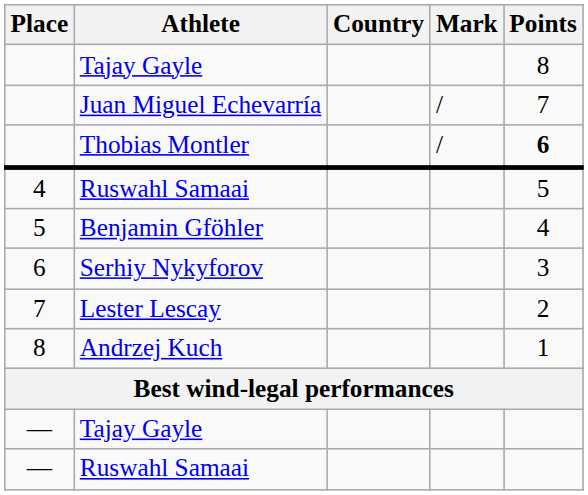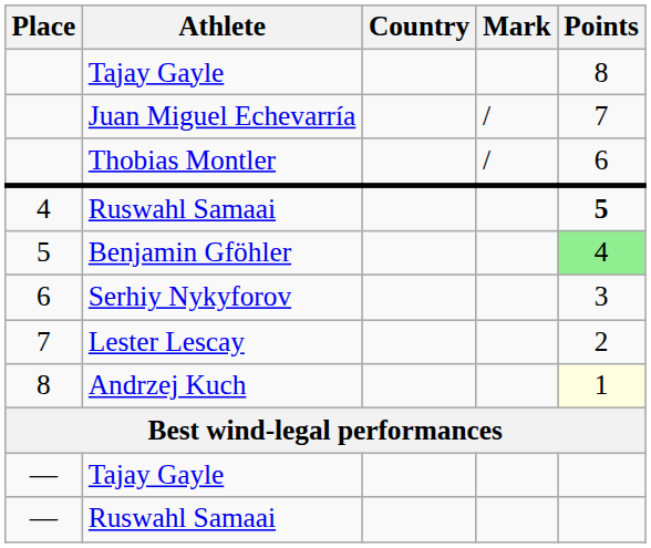 <table class="wikitable">
 <tr>
 <th>Place</th>
 <th>Athlete</th>
 <th>Country</th>
 <th>Mark</th>
 <th>Points</th>
 </tr>
 <tr>
 <td align=center></td>
 <td><a href='#'>Tajay Gayle</a></td>
 <td></td>
 <td> </td>
 <td align=center>8</td>
 </tr>
 <tr>
 <td align=center></td>
 <td><a href='#'>Juan Miguel Echevarría</a></td>
 <td></td>
 <td>  /<br><em> </em></td>
 <td align=center>7</td>
 </tr>
 <tr>
 <td align=center></td>
 <td><a href='#'>Thobias Montler</a></td>
 <td></td>
 <td> /<br><em> </em></td>
-<td align=center><strong>6</strong></td>
+<td align=center>6</td>
 </tr>
 <tr style="border-top:3px solid black;">
 <td align=center>4</td>
 <td><a href='#'>Ruswahl Samaai</a></td>
 <td></td>
 <td> </td>
-<td align=center>5</td>
+<td align=center><strong>5</strong></td>
 </tr>
 <tr>
 <td align=center>5</td>
 <td><a href='#'>Benjamin Gföhler</a></td>
 <td></td>
 <td> </td>
-<td align=center>4</td>
+<td align=center style="background: lightgreen;">4</td>
 </tr>
 <tr>
 <td align=center>6</td>
 <td><a href='#'>Serhiy Nykyforov</a></td>
 <td></td>
 <td> </td>
 <td align=center>3</td>
 </tr>
 <tr>
 <td align=center>7</td>
 <td><a href='#'>Lester Lescay</a></td>
 <td></td>
 <td> </td>
 <td align=center>2</td>
 </tr>
 <tr>
 <td align=center>8</td>
 <td><a href='#'>Andrzej Kuch</a></td>
 <td></td>
 <td> </td>
-<td align=center>1</td>
+<td align=center style="background: lightyellow;">1</td>
 </tr>
 <tr>
 <th align=center colspan=5>Best wind-legal performances</th>
 </tr>
 <tr>
 <td align=center>—</td>
 <td><a href='#'>Tajay Gayle</a></td>
 <td></td>
 <td> </td>
 <td align=center></td>
 </tr>
 <tr>
 <td align=center>—</td>
 <td><a href='#'>Ruswahl Samaai</a></td>
 <td></td>
 <td> </td>
 <td align=center></td>
 </tr>
 </table>
